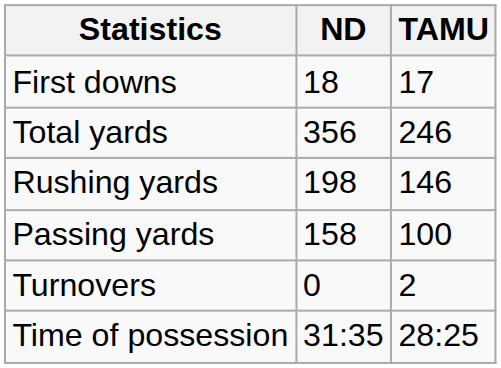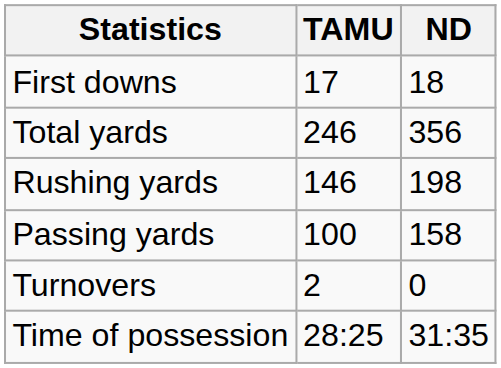 <table class="wikitable" style="float: left;">
 <tr>
 <th>Statistics</th>
+<th>TAMU</th>
 <th>ND</th>
-<th>TAMU</th>
 </tr>
 <tr>
 <td>First downs</td>
+<td>17</td>
 <td>18</td>
-<td>17</td>
 </tr>
 <tr>
 <td>Total yards</td>
+<td>246</td>
 <td>356</td>
-<td>246</td>
 </tr>
 <tr>
 <td>Rushing yards</td>
+<td>146</td>
 <td>198</td>
-<td>146</td>
 </tr>
 <tr>
 <td>Passing yards</td>
+<td>100</td>
 <td>158</td>
-<td>100</td>
 </tr>
 <tr>
 <td>Turnovers</td>
+<td>2</td>
 <td>0</td>
-<td>2</td>
 </tr>
 <tr>
 <td>Time of possession</td>
+<td>28:25</td>
 <td>31:35</td>
-<td>28:25</td>
 </tr>
 </table>
